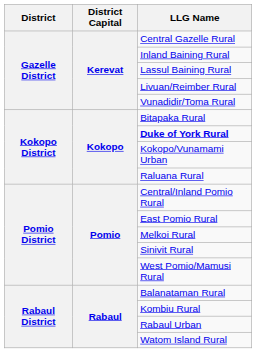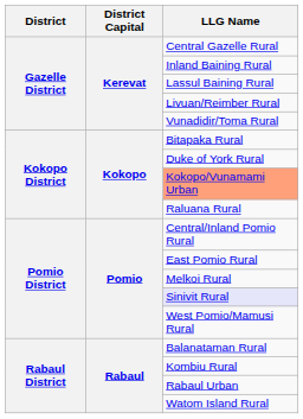 <table class="wikitable" style="text-align: left;" width="400">
 <tr>
 <th>District</th>
 <th>District Capital</th>
 <th>LLG Name</th>
 </tr>
 <tr>
 <th rowspan="5"><a href='#'>Gazelle District</a></th>
 <th rowspan="5"><a href='#'>Kerevat</a></th>
 <td><a href='#'>Central Gazelle Rural</a></td>
 </tr>
 <tr>
 <td><a href='#'>Inland Baining Rural</a></td>
 </tr>
 <tr>
 <td><a href='#'>Lassul Baining Rural</a></td>
 </tr>
 <tr>
 <td><a href='#'>Livuan/Reimber Rural</a></td>
 </tr>
 <tr>
 <td><a href='#'>Vunadidir/Toma Rural</a></td>
 </tr>
 <tr>
 <th rowspan="4"><a href='#'>Kokopo District</a></th>
 <th rowspan="4"><a href='#'>Kokopo</a></th>
 <td><a href='#'>Bitapaka Rural</a></td>
 </tr>
 <tr>
-<td><strong><a href='#'>Duke of York Rural</a></strong></td>
+<td><a href='#'>Duke of York Rural</a></td>
 </tr>
 <tr>
-<td><a href='#'>Kokopo/Vunamami Urban</a></td>
+<td style="background: lightsalmon;"><a href='#'>Kokopo/Vunamami Urban</a></td>
 </tr>
 <tr>
 <td><a href='#'>Raluana Rural</a></td>
 </tr>
 <tr>
 <th rowspan="5"><a href='#'>Pomio District</a></th>
 <th rowspan="5"><a href='#'>Pomio</a></th>
 <td><a href='#'>Central/Inland Pomio Rural</a></td>
 </tr>
 <tr>
 <td><a href='#'>East Pomio Rural</a></td>
 </tr>
 <tr>
 <td><a href='#'>Melkoi Rural</a></td>
 </tr>
 <tr>
-<td><a href='#'>Sinivit Rural</a></td>
+<td style="background: lavender;"><a href='#'>Sinivit Rural</a></td>
 </tr>
 <tr>
 <td><a href='#'>West Pomio/Mamusi Rural</a></td>
 </tr>
 <tr>
 <th rowspan="4"><a href='#'>Rabaul District</a></th>
 <th rowspan="4"><a href='#'>Rabaul</a></th>
 <td><a href='#'>Balanataman Rural</a></td>
 </tr>
 <tr>
 <td><a href='#'>Kombiu Rural</a></td>
 </tr>
 <tr>
 <td><a href='#'>Rabaul Urban</a></td>
 </tr>
 <tr>
 <td><a href='#'>Watom Island Rural</a></td>
 </tr>
 </table>
